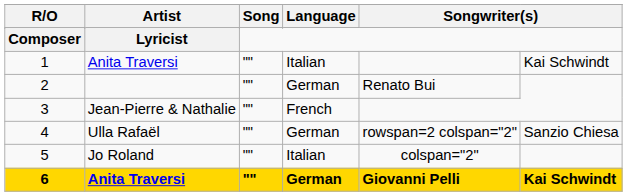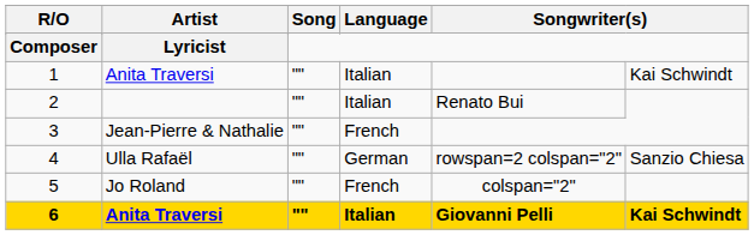 <table class="sortable wikitable" style="margin: 1em auto 1em auto; text-align:center">
 <tr>
 </tr>
 <tr>
 <th ! rowspan="2">R/O</th>
 <th rowspan="2">Artist</th>
 <th rowspan="2">Song</th>
 <th rowspan="2">Language</th>
 <th colspan="2">Songwriter(s)</th>
 </tr>
 <tr>
 </tr>
 <tr>
 <th>Composer</th>
 <th>Lyricist</th>
 </tr>
 <tr>
 <td>1</td>
 <td align="left"><a href='#'>Anita Traversi</a></td>
 <td align="left">""</td>
 <td align="left">Italian</td>
 <td align="left"></td>
 <td align="left">Kai Schwindt</td>
 </tr>
 <tr>
 <td>2</td>
 <td align="left"></td>
 <td align="left">""</td>
-<td align="left">German</td>
+<td align="left">Italian</td>
 <td align="left">Renato Bui</td>
 </tr>
 <tr>
 <td>3</td>
 <td align="left">Jean-Pierre & Nathalie</td>
 <td align="left">""</td>
 <td align="left">French</td>
 </tr>
 <tr>
 <td>4</td>
 <td align="left">Ulla Rafaël</td>
 <td align="left">""</td>
 <td align="left">German</td>
 <td>rowspan=2 colspan="2" </td>
 <td align="left">Sanzio Chiesa</td>
 </tr>
 <tr>
 <td>5</td>
 <td align="left">Jo Roland</td>
 <td align="left">""</td>
-<td align="left">Italian</td>
+<td align="left">French</td>
 <td>colspan="2" </td>
 </tr>
 <tr style="font-weight:bold; background:gold;">
 <td>6</td>
 <td align="left"><a href='#'>Anita Traversi</a></td>
 <td align="left">""</td>
-<td align="left">German</td>
+<td align="left">Italian</td>
 <td align="left">Giovanni Pelli</td>
 <td align="left">Kai Schwindt</td>
 </tr>
 </table>
